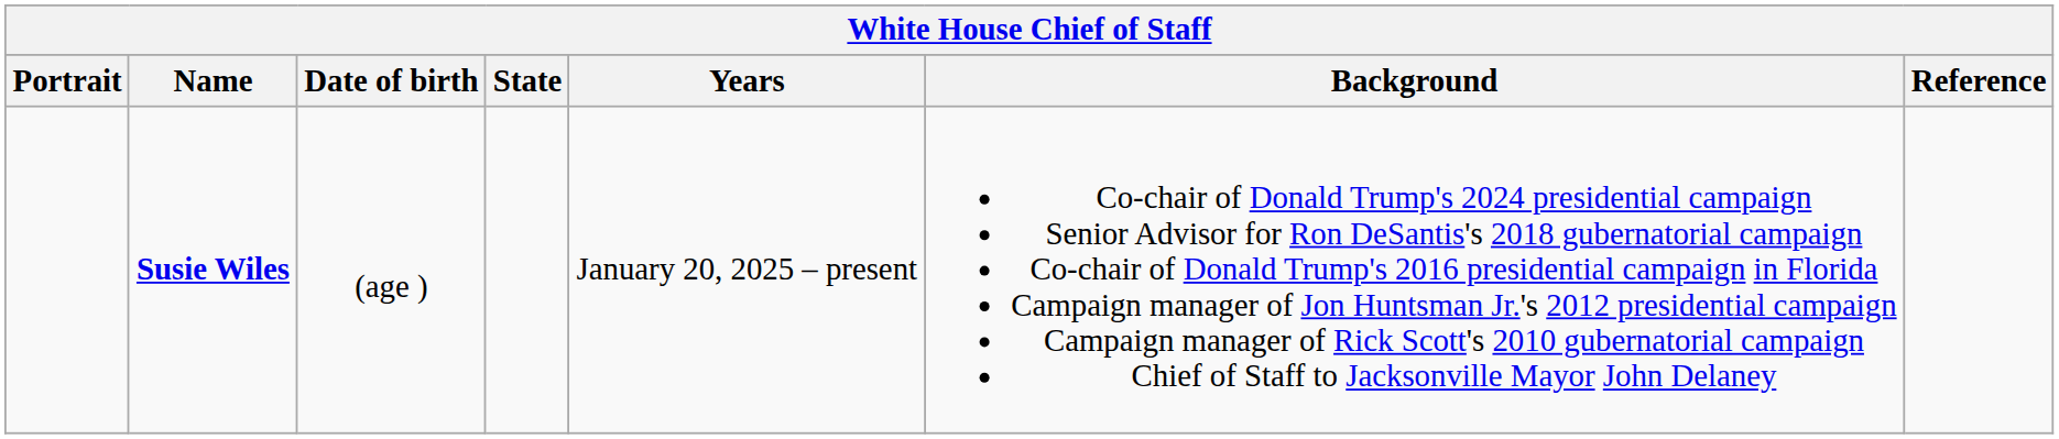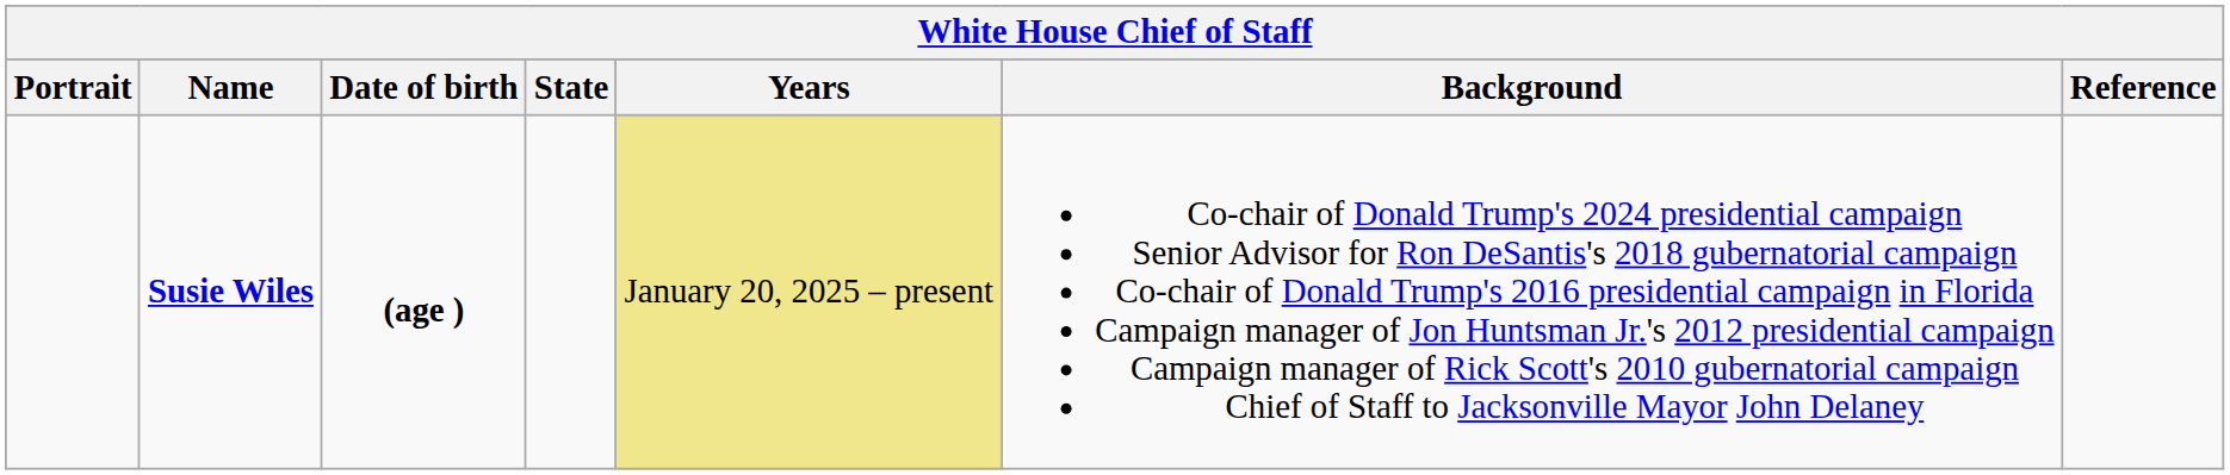 <table class="wikitable collapsible" style="text-align:center;">
 <tr>
 <th colspan="8"><a href='#'>White House Chief of Staff</a></th>
 </tr>
 <tr>
 <th>Portrait</th>
 <th>Name</th>
 <th>Date of birth</th>
 <th>State</th>
 <th>Years</th>
 <th>Background</th>
 <th>Reference</th>
 </tr>
 <tr>
 <td></td>
 <td><strong><a href='#'>Susie Wiles</a></strong></td>
-<td><br>(age )</td>
+<td><strong><br>(age )</strong></td>
 <td></td>
-<td nowrap="">January 20, 2025 – present</td>
+<td nowrap="" style="background: khaki;">January 20, 2025 – present</td>
 <td><br><ul><li>Co-chair of <a href='#'>Donald Trump's 2024 presidential campaign</a></li><li>Senior Advisor for <a href='#'>Ron DeSantis</a>'s <a href='#'>2018 gubernatorial campaign</a></li><li>Co-chair of <a href='#'>Donald Trump's 2016 presidential campaign</a> <a href='#'>in Florida</a></li><li>Campaign manager of <a href='#'>Jon Huntsman Jr.</a>'s <a href='#'>2012 presidential campaign</a></li><li>Campaign manager of <a href='#'>Rick Scott</a>'s <a href='#'>2010 gubernatorial campaign</a></li><li>Chief of Staff to <a href='#'>Jacksonville Mayor</a> <a href='#'>John Delaney</a></li></ul></td>
 <td></td>
 </tr>
 </table>
